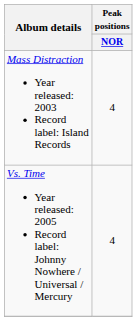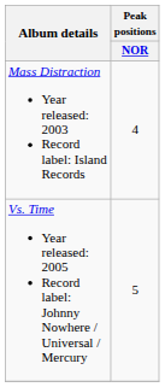 <table class="wikitable">
 <tr>
 <th align="center" rowspan="2" width="120">Album details</th>
 <th align="center" colspan="1" width="20"><small>Peak positions</small></th>
 </tr>
 <tr>
 <th scope="col" style="width:3em;font-size:90%;"><a href='#'>NOR</a><br></th>
 </tr>
 <tr>
 <td><em><a href='#'>Mass Distraction</a></em><br><ul><li>Year released: 2003</li><li>Record label: Island Records</li></ul></td>
 <td style="text-align:center;">4</td>
 </tr>
 <tr>
 <td><em><a href='#'>Vs. Time</a></em><br><ul><li>Year released: 2005</li><li>Record label: Johnny Nowhere / Universal / Mercury</li></ul></td>
-<td style="text-align:center;">4</td>
+<td style="text-align:center;">5</td>
 </tr>
 <tr>
 </tr>
 </table>
